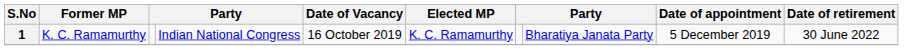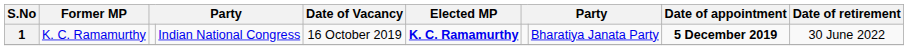 <table class="wikitable sortable">
 <tr>
 <th>S.No</th>
 <th>Former MP</th>
 <th colspan=2>Party</th>
 <th>Date of Vacancy</th>
 <th>Elected MP</th>
 <th colspan=2>Party</th>
 <th>Date of appointment</th>
 <th>Date of retirement</th>
 </tr>
 <tr style="text-align:center;">
 <th>1</th>
 <td><a href='#'>K. C. Ramamurthy</a></td>
 <td width="1"></td>
 <td><a href='#'>Indian National Congress</a></td>
 <td>16 October 2019</td>
-<td><a href='#'>K. C. Ramamurthy</a></td>
+<td><strong><a href='#'>K. C. Ramamurthy</a></strong></td>
 <td width="1"></td>
 <td><a href='#'>Bharatiya Janata Party</a></td>
-<td>5 December 2019</td>
+<td><strong>5 December 2019</strong></td>
 <td>30 June 2022</td>
 </tr>
 <tr style="text-align:center;">
 </tr>
 </table>
